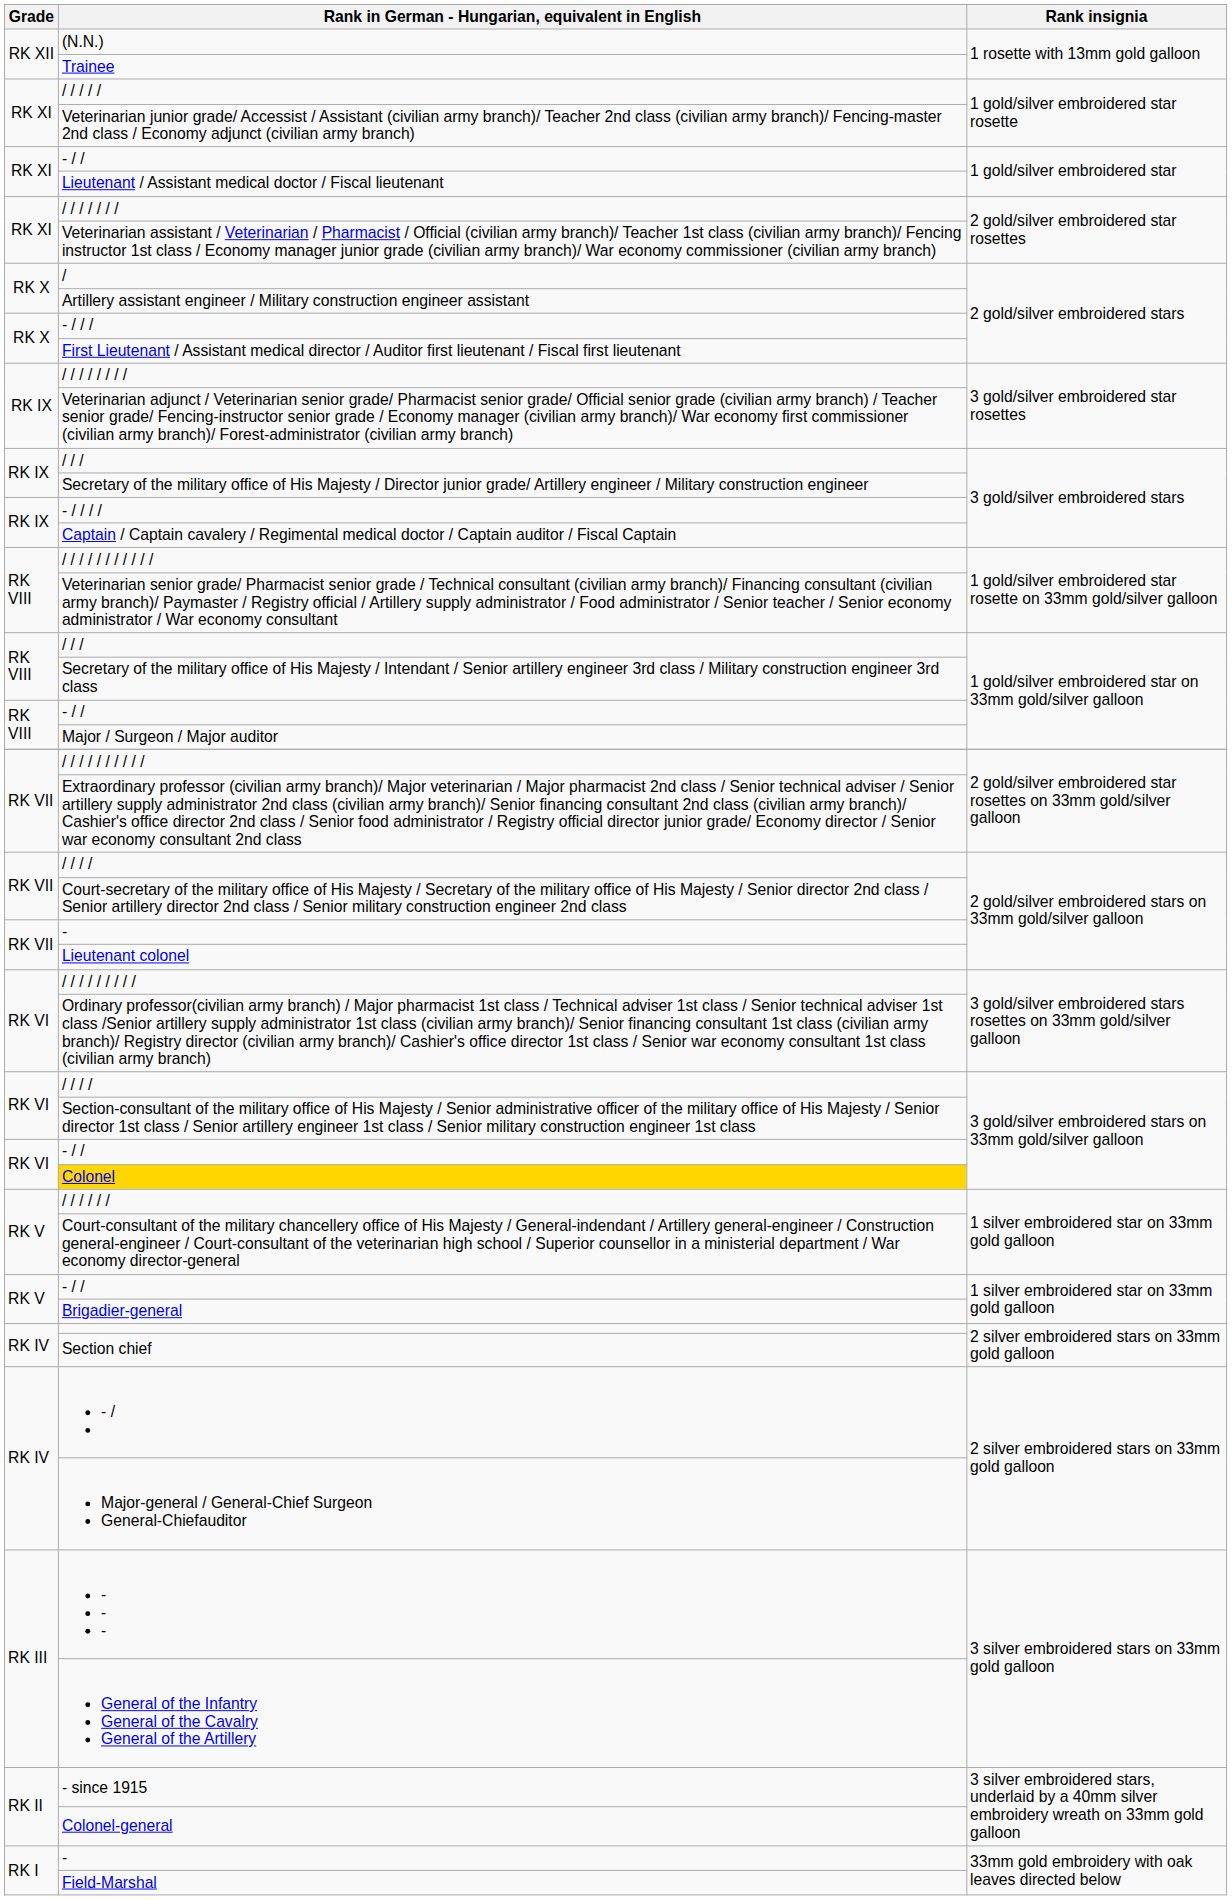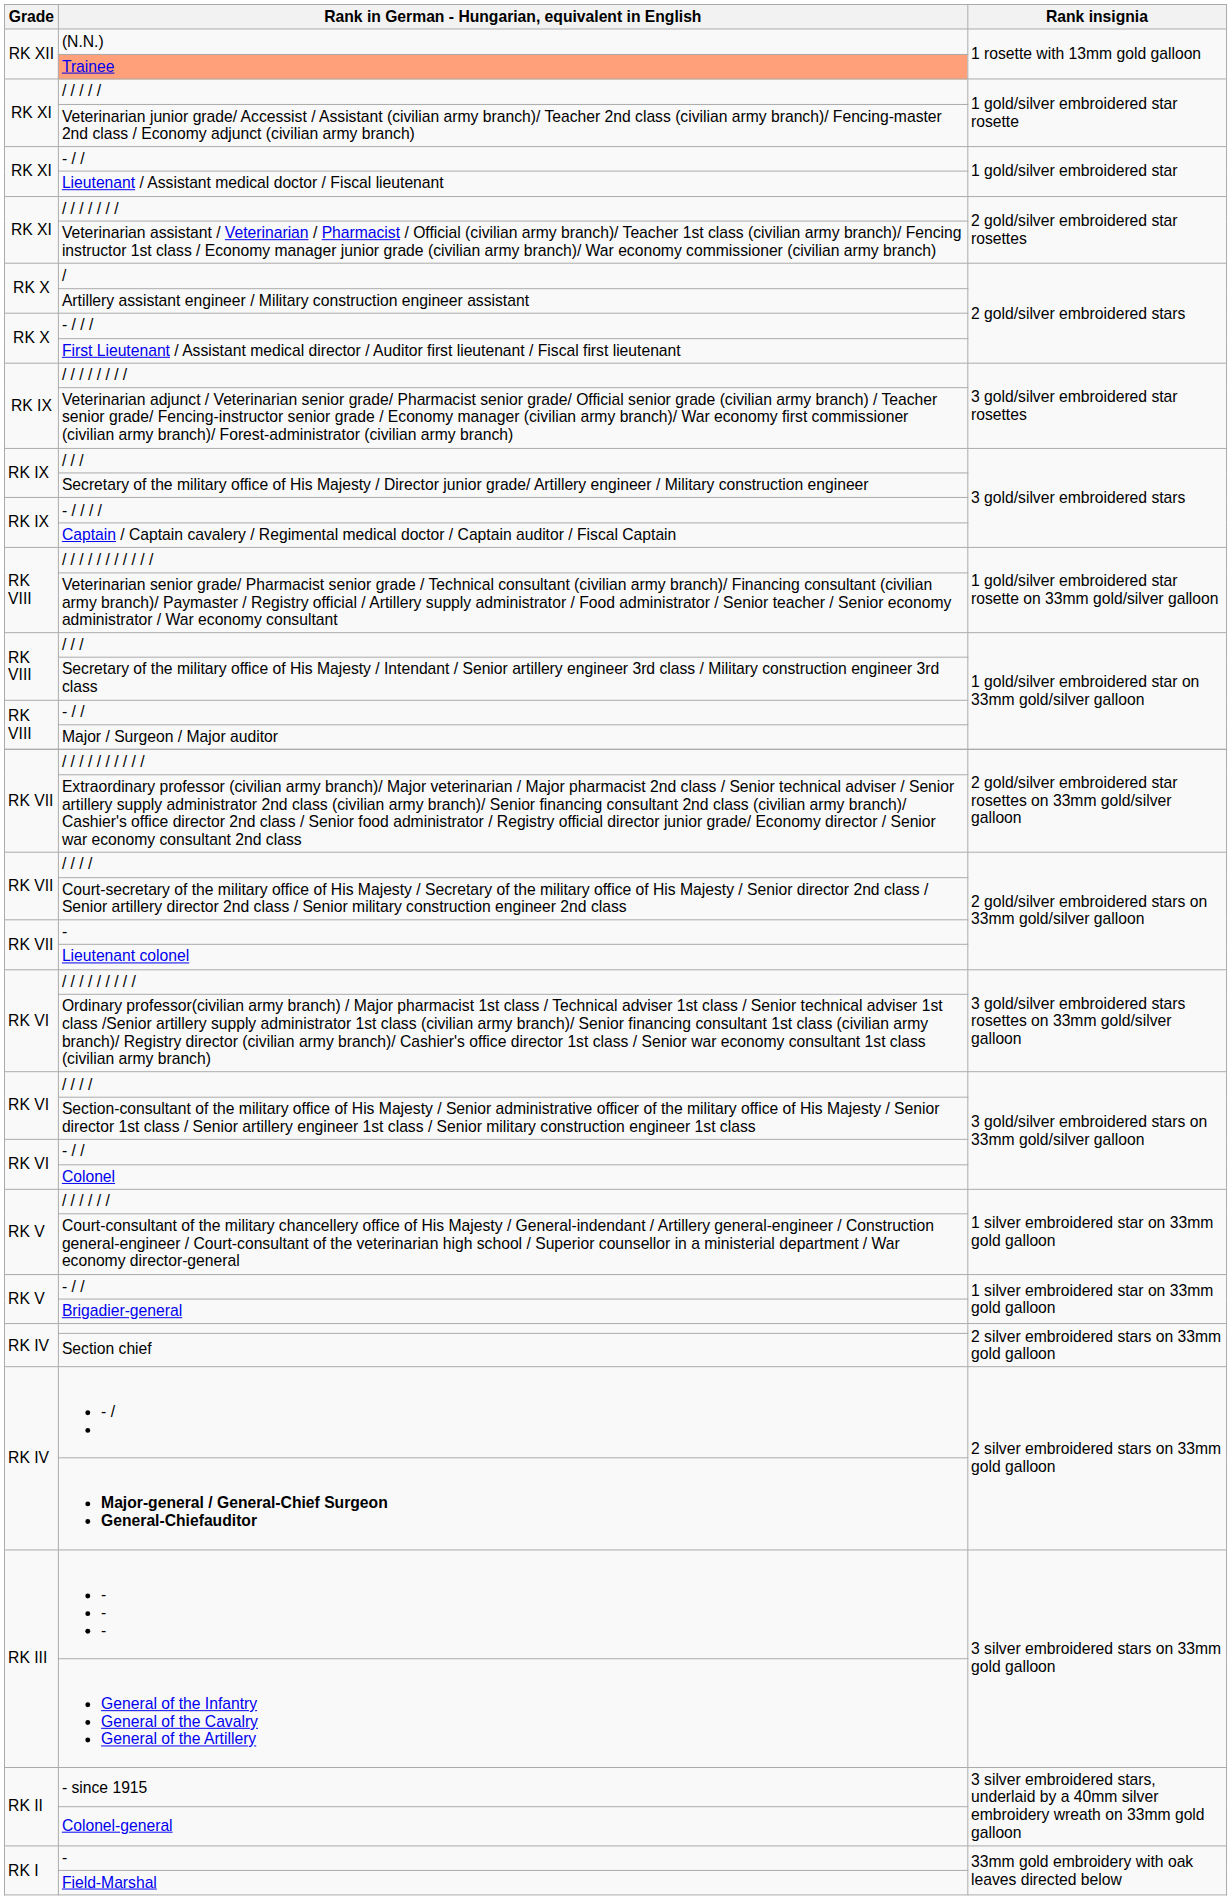 <table class="wikitable">
 <tr>
 </tr>
 <tr ---- bgcolor="#FFFFFF">
 <th>Grade</th>
 <th>Rank in German <span> - Hungarian</span>, equivalent in English</th>
 <th>Rank insignia</th>
 </tr>
 <tr>
 <td align="center" rowspan="2">RK XII</td>
 <td> (N.N.)</td>
 <td rowspan="2">1 rosette with 13mm gold galloon</td>
 </tr>
 <tr>
-<td><a href='#'>Trainee</a></td>
+<td style="background: lightsalmon;"><a href='#'>Trainee</a></td>
 </tr>
 <tr>
 <td align="center" rowspan="2">RK XI</td>
 <td> /  /  /  /  / </td>
 <td rowspan="2">1 gold/silver embroidered star rosette</td>
 </tr>
 <tr>
 <td>Veterinarian junior grade/ Accessist / Assistant (civilian army branch)/ Teacher 2nd class (civilian army branch)/ Fencing-master 2nd class / Economy adjunct (civilian army branch)</td>
 </tr>
 <tr>
 <td align="center" rowspan="2">RK XI</td>
 <td><span> - </span> /  / </td>
 <td rowspan="2">1 gold/silver embroidered star</td>
 </tr>
 <tr>
 <td><a href='#'>Lieutenant</a> / Assistant medical doctor / Fiscal lieutenant</td>
 </tr>
 <tr>
 <td align="center" rowspan="2">RK XI</td>
 <td> /  /  /  /  /  /  / </td>
 <td rowspan="2">2 gold/silver embroidered star rosettes</td>
 </tr>
 <tr>
 <td>Veterinarian assistant / <a href='#'>Veterinarian</a> / <a href='#'>Pharmacist</a> / Official (civilian army branch)/ Teacher 1st class (civilian army branch)/ Fencing instructor 1st class / Economy manager junior grade (civilian army branch)/ War economy commissioner (civilian army branch)</td>
 </tr>
 <tr>
 <td align="center" rowspan="2">RK X</td>
 <td> / </td>
 <td rowspan="4">2 gold/silver embroidered stars</td>
 </tr>
 <tr>
 <td>Artillery assistant engineer / Military construction engineer assistant</td>
 </tr>
 <tr>
 <td align="center" rowspan="2">RK X</td>
 <td> <span> - </span> /  /  / </td>
 </tr>
 <tr>
 <td><a href='#'>First Lieutenant</a> / Assistant medical director / Auditor first lieutenant / Fiscal first lieutenant</td>
 </tr>
 <tr>
 <td align="center" rowspan="2">RK IX</td>
 <td> /  /  /  /  /  /  /  / </td>
 <td rowspan="2">3 gold/silver embroidered star rosettes</td>
 </tr>
 <tr>
 <td>Veterinarian adjunct / Veterinarian senior grade/ Pharmacist senior grade/ Official senior grade (civilian army branch) / Teacher senior grade/ Fencing-instructor senior grade / Economy manager (civilian army branch)/ War economy first commissioner (civilian army branch)/ Forest-administrator (civilian army branch)</td>
 </tr>
 <tr>
 <td rowspan="2">RK IX</td>
 <td> /  /  / </td>
 <td rowspan="4">3 gold/silver embroidered stars</td>
 </tr>
 <tr>
 <td>Secretary of the military office of His Majesty / Director junior grade/ Artillery engineer / Military construction engineer</td>
 </tr>
 <tr>
 <td rowspan="2">RK IX</td>
 <td> <span> - </span> /  /  /  / </td>
 </tr>
 <tr>
 <td><a href='#'>Captain</a> / Captain cavalery / Regimental medical doctor / Captain auditor / Fiscal Captain</td>
 </tr>
 <tr>
 <td rowspan="2">RK VIII</td>
 <td> /  /  /  /  /  /  /  /  /  /  / </td>
 <td rowspan="2">1 gold/silver embroidered star rosette on 33mm gold/silver galloon</td>
 </tr>
 <tr>
 <td>Veterinarian senior grade/ Pharmacist senior grade / Technical consultant (civilian army branch)/ Financing consultant (civilian army branch)/ Paymaster / Registry official / Artillery supply administrator / Food administrator / Senior teacher / Senior economy administrator / War economy consultant</td>
 </tr>
 <tr>
 <td rowspan="2">RK VIII</td>
 <td> /  /  / </td>
 <td rowspan="4">1 gold/silver embroidered star on 33mm gold/silver galloon</td>
 </tr>
 <tr>
 <td>Secretary of the military office of His Majesty / Intendant / Senior artillery engineer 3rd class / Military construction engineer 3rd class</td>
 </tr>
 <tr>
 <td rowspan="2">RK VIII</td>
 <td> <span> - </span> /  / </td>
 </tr>
 <tr>
 <td>Major / Surgeon / Major auditor</td>
 </tr>
 <tr>
 </tr>
 <tr>
 <td rowspan="2">RK VII</td>
 <td> /  /  /  /  /  /  /  /  /  / </td>
 <td rowspan="2">2 gold/silver embroidered star rosettes on 33mm gold/silver galloon</td>
 </tr>
 <tr>
 <td>Extraordinary professor (civilian army branch)/ Major veterinarian / Major pharmacist 2nd class / Senior technical adviser / Senior artillery supply administrator 2nd class (civilian army branch)/ Senior financing consultant 2nd class (civilian army branch)/ Cashier's office director 2nd class / Senior food administrator / Registry official director junior grade/ Economy director / Senior war economy consultant 2nd class</td>
 </tr>
 <tr>
 <td rowspan="2">RK VII</td>
 <td> /  /  /  / </td>
 <td rowspan="4">2 gold/silver embroidered stars on 33mm gold/silver galloon</td>
 </tr>
 <tr>
 <td>Court-secretary of the military office of His Majesty / Secretary of the military office of His Majesty / Senior director 2nd class / Senior artillery director 2nd class / Senior military construction engineer 2nd class</td>
 </tr>
 <tr>
 <td rowspan="2">RK VII</td>
 <td> <span> - </span></td>
 </tr>
 <tr>
 <td><a href='#'>Lieutenant colonel</a></td>
 </tr>
 <tr>
 <td rowspan="2">RK VI</td>
 <td> /  /  /  /  /  /  /  /  / </td>
 <td rowspan="2">3 gold/silver embroidered stars rosettes on 33mm gold/silver galloon</td>
 </tr>
 <tr>
 <td>Ordinary professor(civilian army branch) / Major pharmacist 1st class / Technical adviser 1st class / Senior technical adviser 1st class /Senior artillery supply administrator 1st class (civilian army branch)/ Senior financing consultant 1st class (civilian army branch)/ Registry director (civilian army branch)/ Cashier's office director 1st class / Senior war economy consultant 1st class (civilian army branch)</td>
 </tr>
 <tr>
 <td rowspan="2">RK VI</td>
 <td> /  /  /  / </td>
 <td rowspan="4">3 gold/silver embroidered stars on 33mm gold/silver galloon</td>
 </tr>
 <tr>
 <td>Section-consultant of the military office of His Majesty / Senior administrative officer of the military office of His Majesty / Senior director 1st class / Senior artillery engineer 1st class / Senior military construction engineer 1st class</td>
 </tr>
 <tr>
 <td rowspan="2">RK VI</td>
 <td> <span> - </span> /  / </td>
 </tr>
 <tr>
-<td style="background: gold;"><a href='#'>Colonel</a></td>
+<td><a href='#'>Colonel</a></td>
 </tr>
 <tr>
 <td rowspan="2">RK V</td>
 <td> /  /  /  /  /  / </td>
 <td rowspan="2">1 silver embroidered star on 33mm gold galloon</td>
 </tr>
 <tr>
 <td>Court-consultant of the military chancellery office of His Majesty / General-indendant / Artillery general-engineer / Construction general-engineer / Court-consultant of the veterinarian high school / Superior counsellor in a ministerial department / War economy director-general</td>
 </tr>
 <tr>
 <td rowspan="2">RK V</td>
 <td><span> - </span> /  / </td>
 <td rowspan="2">1 silver embroidered star on 33mm gold galloon</td>
 </tr>
 <tr>
 <td><a href='#'>Brigadier-general</a></td>
 </tr>
 <tr>
 <td rowspan="2">RK IV</td>
 <td></td>
 <td rowspan="2">2 silver embroidered stars on 33mm gold galloon</td>
 </tr>
 <tr>
 <td>Section chief</td>
 </tr>
 <tr>
 <td rowspan="2">RK IV</td>
 <td><br><ul><li> <span> - </span> / </li><li></li></ul></td>
 <td rowspan="2">2 silver embroidered stars on 33mm gold galloon</td>
 </tr>
 <tr>
-<td><br><ul><li>Major-general / General-Chief Surgeon</li><li>General-Chiefauditor</li></ul></td>
+<td><strong><br><ul><li>Major-general / General-Chief Surgeon</li><li>General-Chiefauditor</li></ul></strong></td>
 </tr>
 <tr>
 <td rowspan="2">RK III</td>
 <td><br><ul><li> <span> - </span></li><li> <span> - </span></li><li> <span> - </span></li></ul></td>
 <td rowspan="2">3 silver embroidered stars on 33mm gold galloon</td>
 </tr>
 <tr>
 <td><br><ul><li><a href='#'>General of the Infantry</a></li><li><a href='#'>General of the Cavalry</a></li><li><a href='#'>General of the Artillery</a></li></ul></td>
 </tr>
 <tr>
 <td rowspan="2">RK II</td>
 <td> <span> - </span> since 1915</td>
 <td rowspan="2">3 silver embroidered stars, underlaid by a 40mm silver embroidery wreath on 33mm gold galloon</td>
 </tr>
 <tr>
 <td><a href='#'>Colonel-general</a></td>
 </tr>
 <tr>
 <td rowspan="2">RK I</td>
 <td> <span> - </span></td>
 <td rowspan="2">33mm gold embroidery with oak leaves directed below</td>
 </tr>
 <tr>
 <td><a href='#'>Field-Marshal</a></td>
 </tr>
 </table>
